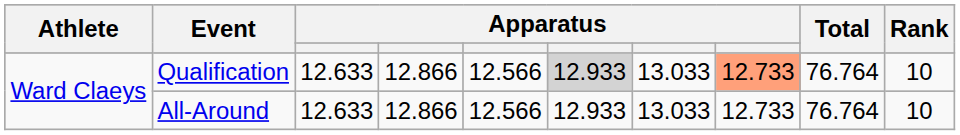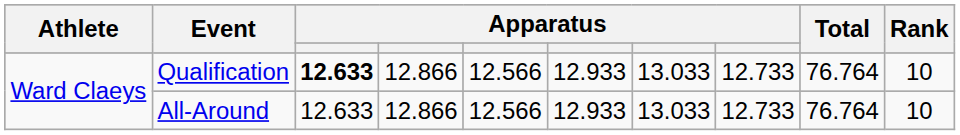 <table class="wikitable" style="font-size:90%">
 <tr>
 <th rowspan=2>Athlete</th>
 <th rowspan=2>Event</th>
 <th colspan=6>Apparatus</th>
 <th rowspan=2>Total</th>
 <th rowspan=2>Rank</th>
 </tr>
 <tr style="font-size:95%">
 <th></th>
 <th></th>
 <th></th>
 <th></th>
 <th></th>
 <th></th>
 </tr>
 <tr align=center>
 <td align=left rowspan=2><a href='#'>Ward Claeys</a></td>
 <td align=left><a href='#'>Qualification</a></td>
-<td>12.633</td>
+<td><strong>12.633</strong></td>
 <td>12.866</td>
 <td>12.566</td>
-<td style="background: lightgrey;">12.933</td>
+<td>12.933</td>
 <td>13.033</td>
-<td style="background: lightsalmon;">12.733</td>
+<td>12.733</td>
 <td>76.764</td>
 <td>10</td>
 </tr>
 <tr align=center>
 <td align=left><a href='#'>All-Around</a></td>
 <td>12.633</td>
 <td>12.866</td>
 <td>12.566</td>
 <td>12.933</td>
 <td>13.033</td>
 <td>12.733</td>
 <td>76.764</td>
 <td>10</td>
 </tr>
 </table>
